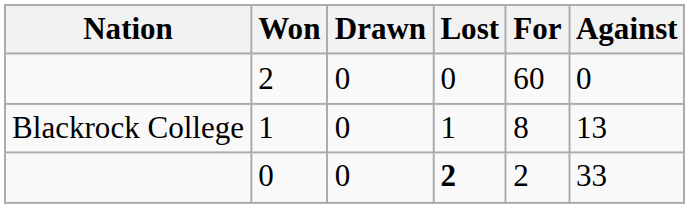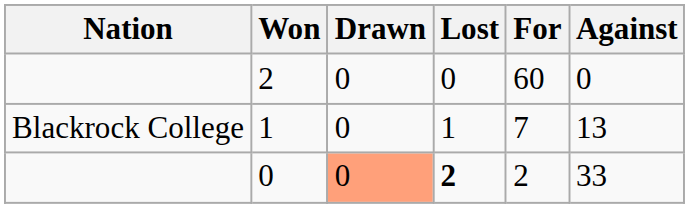 <table class="wikitable">
 <tr>
 <th>Nation</th>
 <th>Won</th>
 <th>Drawn</th>
 <th>Lost</th>
 <th>For</th>
 <th>Against</th>
 </tr>
 <tr>
 <td></td>
 <td>2</td>
 <td>0</td>
 <td>0</td>
 <td>60</td>
 <td>0</td>
 </tr>
 <tr>
 <td>Blackrock College</td>
 <td>1</td>
 <td>0</td>
 <td>1</td>
-<td>8</td>
+<td>7</td>
 <td>13</td>
 </tr>
 <tr>
 <td></td>
 <td>0</td>
-<td>0</td>
+<td style="background: lightsalmon;">0</td>
 <td><strong>2</strong></td>
 <td>2</td>
 <td>33</td>
 </tr>
 </table>
